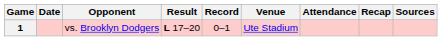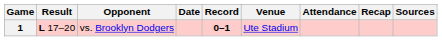 <table class="wikitable" style="text-align:center">
 <tr>
 <th>Game</th>
+<th>Result</th>
+<th>Opponent</th>
 <th>Date</th>
-<th>Opponent</th>
-<th>Result</th>
 <th>Record</th>
 <th>Venue</th>
 <th>Attendance</th>
 <th>Recap</th>
 <th>Sources</th>
 </tr>
 <tr style="background:#fcc">
 <th>1</th>
+<td><strong>L</strong> 17–20</td>
+<td>vs. <a href='#'>Brooklyn Dodgers</a></td>
 <td></td>
-<td>vs. <a href='#'>Brooklyn Dodgers</a></td>
-<td><strong>L</strong> 17–20</td>
-<td>0–1</td>
+<td><strong>0–1</strong></td>
 <td><a href='#'>Ute Stadium</a></td>
 <td></td>
 <td></td>
 <td></td>
 </tr>
 </table>
